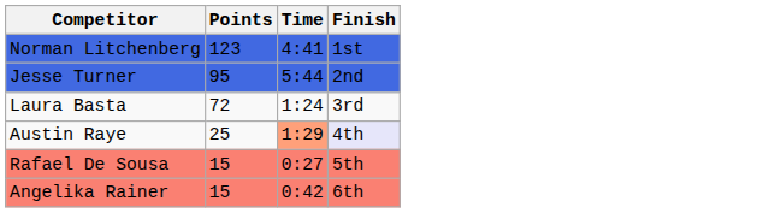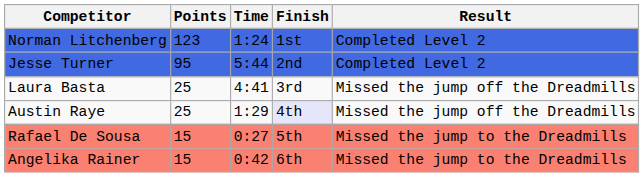 <table class="wikitable sortable">
 <tr>
 <th>Competitor</th>
 <th>Points</th>
 <th>Time</th>
 <th>Finish</th>
+<th>Result</th>
 </tr>
 <tr style="background:royalblue;">
 <td> Norman Litchenberg</td>
 <td>123</td>
-<td>4:41</td>
+<td>1:24</td>
 <td>1st</td>
+<td>Completed Level 2</td>
 </tr>
 <tr style="background:royalblue;">
 <td> Jesse Turner</td>
 <td>95</td>
 <td>5:44</td>
 <td>2nd</td>
+<td>Completed Level 2</td>
 </tr>
 <tr>
 <td> Laura Basta</td>
-<td>72</td>
-<td>1:24</td>
+<td>25</td>
+<td>4:41</td>
 <td>3rd</td>
+<td>Missed the jump off the Dreadmills</td>
 </tr>
 <tr>
 <td> Austin Raye</td>
 <td>25</td>
-<td style="background: lightsalmon;">1:29</td>
+<td>1:29</td>
 <td style="background: lavender;">4th</td>
+<td>Missed the jump off the Dreadmills</td>
 </tr>
 <tr style="background-color:#fa8072">
 <td> Rafael De Sousa</td>
 <td>15</td>
 <td>0:27</td>
 <td>5th</td>
+<td>Missed the jump to the Dreadmills</td>
 </tr>
 <tr style="background-color:#fa8072">
 <td> Angelika Rainer</td>
 <td>15</td>
 <td>0:42</td>
 <td>6th</td>
+<td>Missed the jump to the Dreadmills</td>
 </tr>
 </table>
